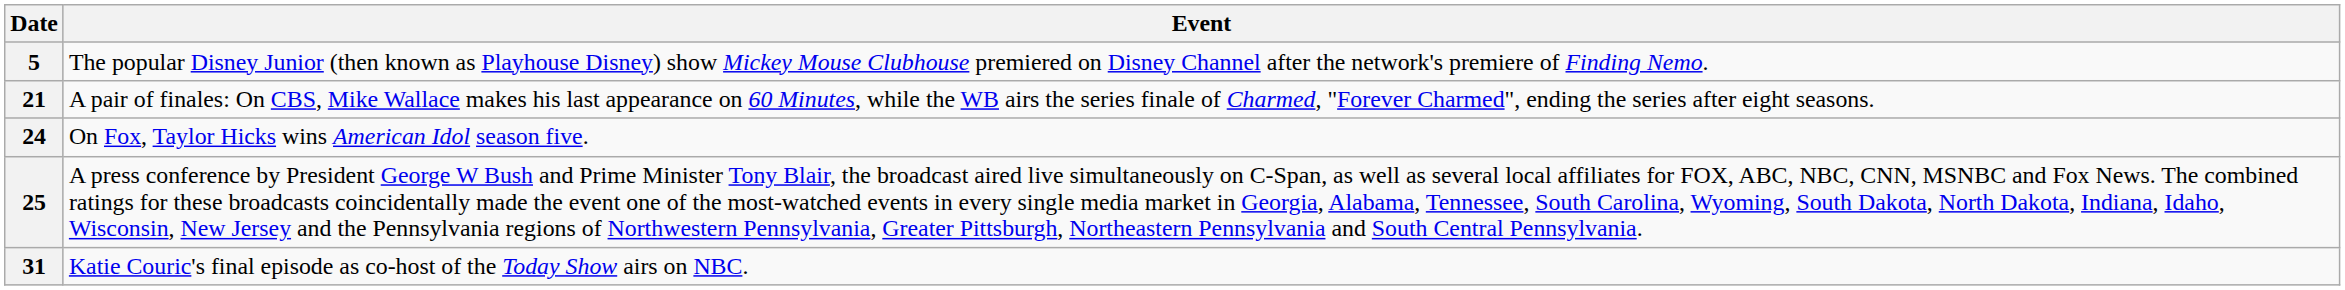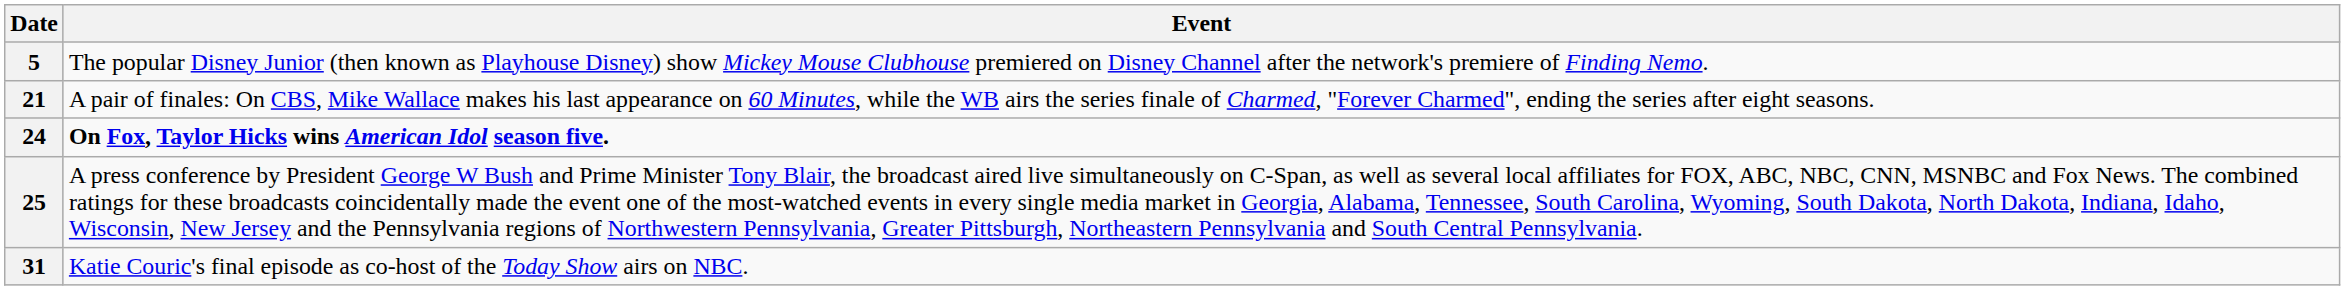 <table class="wikitable">
 <tr>
 <th>Date</th>
 <th>Event</th>
 </tr>
 <tr>
 <th>5</th>
 <td>The popular <a href='#'>Disney Junior</a> (then known as <a href='#'>Playhouse Disney</a>) show <em><a href='#'>Mickey Mouse Clubhouse</a></em> premiered on <a href='#'>Disney Channel</a> after the network's premiere of <em><a href='#'>Finding Nemo</a></em>.</td>
 </tr>
 <tr>
 <th>21</th>
 <td>A pair of finales: On <a href='#'>CBS</a>, <a href='#'>Mike Wallace</a> makes his last appearance on <em><a href='#'>60 Minutes</a></em>, while the <a href='#'>WB</a> airs the series finale of <em><a href='#'>Charmed</a></em>, "<a href='#'>Forever Charmed</a>", ending the series after eight seasons.</td>
 </tr>
 <tr>
 <th>24</th>
-<td>On <a href='#'>Fox</a>, <a href='#'>Taylor Hicks</a> wins <em><a href='#'>American Idol</a></em> <a href='#'>season five</a>.</td>
+<td><strong>On <a href='#'>Fox</a>, <a href='#'>Taylor Hicks</a> wins <em><a href='#'>American Idol</a></em> <a href='#'>season five</a>.</strong></td>
 </tr>
 <tr>
 <th>25</th>
 <td>A press conference by President <a href='#'>George W Bush</a> and Prime Minister <a href='#'>Tony Blair</a>, the broadcast aired live simultaneously on C-Span, as well as several local affiliates for FOX, ABC, NBC, CNN, MSNBC and Fox News. The combined ratings for these broadcasts coincidentally made the event one of the most-watched events in every single media market in <a href='#'>Georgia</a>, <a href='#'>Alabama</a>, <a href='#'>Tennessee</a>, <a href='#'>South Carolina</a>, <a href='#'>Wyoming</a>, <a href='#'>South Dakota</a>, <a href='#'>North Dakota</a>, <a href='#'>Indiana</a>, <a href='#'>Idaho</a>, <a href='#'>Wisconsin</a>, <a href='#'>New Jersey</a> and the Pennsylvania regions of <a href='#'>Northwestern Pennsylvania</a>, <a href='#'>Greater Pittsburgh</a>, <a href='#'>Northeastern Pennsylvania</a> and <a href='#'>South Central Pennsylvania</a>.</td>
 </tr>
 <tr>
 <th>31</th>
 <td><a href='#'>Katie Couric</a>'s final episode as co-host of the <em><a href='#'>Today Show</a></em> airs on <a href='#'>NBC</a>.</td>
 </tr>
 </table>
